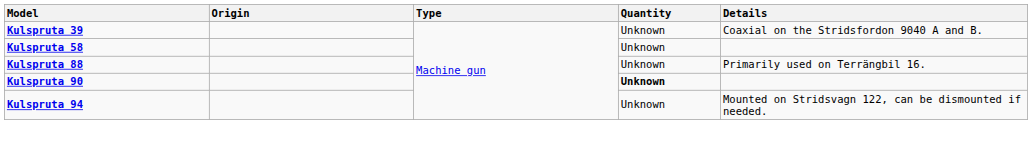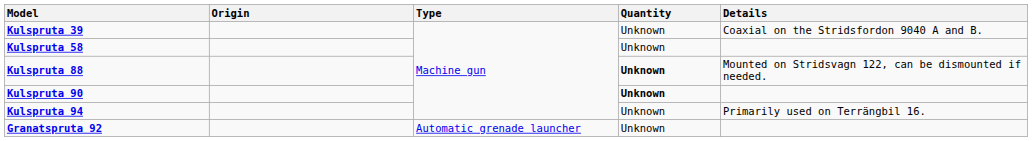 <table class="wikitable" style="width:100%;">
 <tr>
 <th style="text-align:left;width:20%;">Model</th>
 <th style="text-align:left;width:20%;">Origin</th>
 <th style="text-align:left;width:20%;">Type</th>
 <th style="text-align:left;width:10%;">Quantity</th>
 <th style="text-align:left;width:30%;">Details</th>
 </tr>
 <tr>
 <td><strong><a href='#'>Kulspruta 39</a></strong></td>
 <td></td>
 <td rowspan="5"><a href='#'>Machine gun</a></td>
 <td>Unknown</td>
 <td>Coaxial on the Stridsfordon 9040 A and B.</td>
 </tr>
 <tr>
 <td><strong><a href='#'>Kul­spruta 58</a></strong></td>
 <td></td>
 <td>Unknown</td>
 <td></td>
 </tr>
 <tr>
 <td><strong><a href='#'>Kul­spruta 88</a></strong></td>
 <td></td>
-<td>Unknown</td>
-<td>Primarily used on Terrängbil 16.</td>
+<td><strong>Unknown</strong></td>
+<td>Mounted on Stridsvagn 122, can be dismounted if needed.</td>
 </tr>
 <tr>
 <td><strong><a href='#'>Kul­spruta 90</a></strong></td>
 <td></td>
 <td><strong>Unknown</strong></td>
 <td></td>
 </tr>
 <tr>
 <td><strong><a href='#'>Kul­spruta 94</a></strong></td>
 <td></td>
 <td>Unknown</td>
-<td>Mounted on Stridsvagn 122, can be dismounted if needed.</td>
+<td>Primarily used on Terrängbil 16.</td>
+</tr>
+<tr>
+<td><strong><a href='#'>Granat­spruta 92</a></strong></td>
+<td></td>
+<td><a href='#'>Automatic grenade launcher</a></td>
+<td>Unknown</td>
+<td></td>
 </tr>
 </table>
